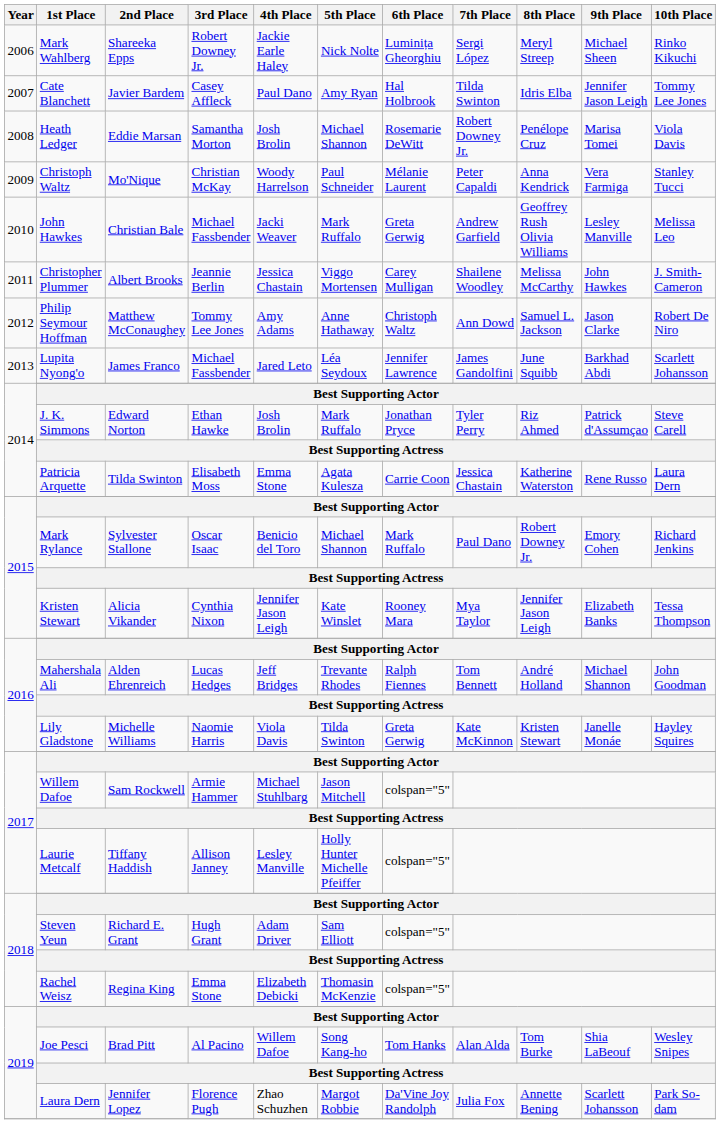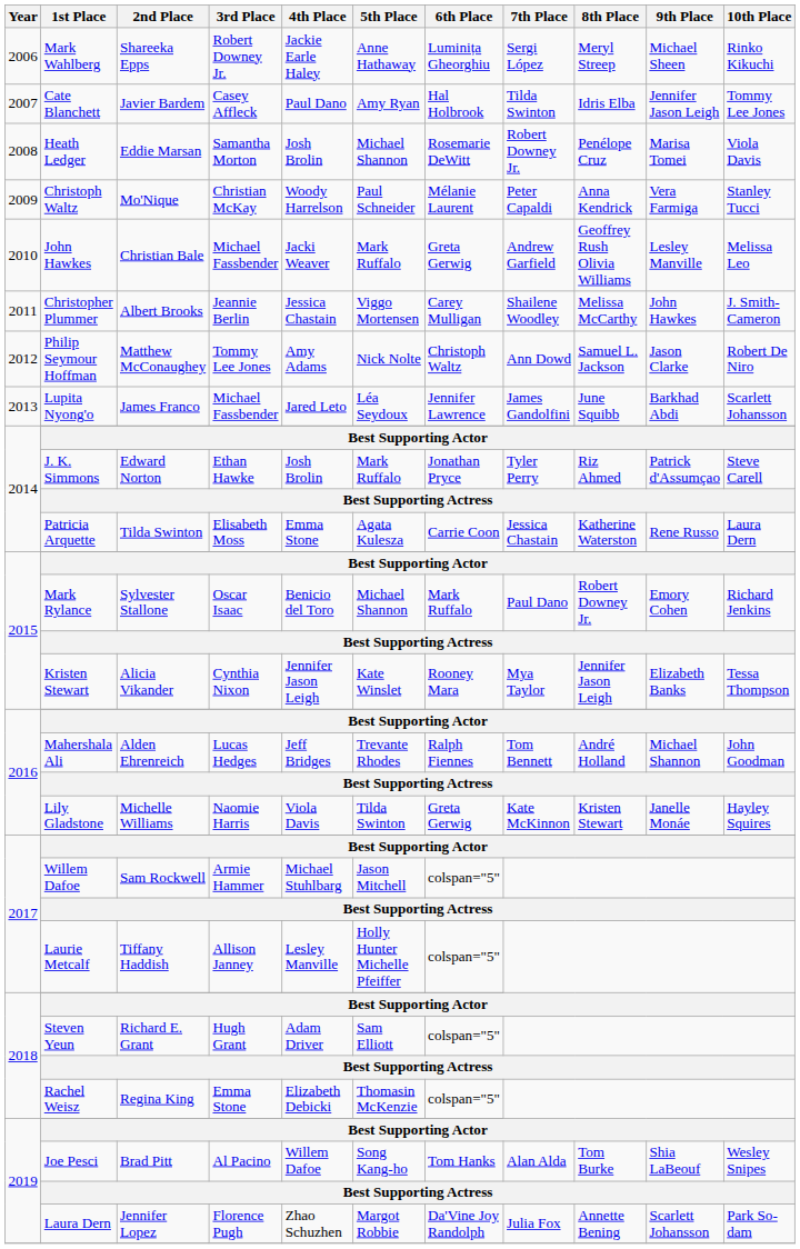 <table class="wikitable">
 <tr>
 <th scope="col" width="3%">Year</th>
 <th scope="col" width="9%">1st Place</th>
 <th scope="col" width="9%">2nd Place</th>
 <th scope="col" width="9%">3rd Place</th>
 <th scope="col" width="9%">4th Place</th>
 <th scope="col" width="9%">5th Place</th>
 <th scope="col" width="9%">6th Place</th>
 <th scope="col" width="9%">7th Place</th>
 <th scope="col" width="9%">8th Place</th>
 <th scope="col" width="9%">9th Place</th>
 <th scope="col" width="9%">10th Place</th>
 </tr>
 <tr>
 <td align="center">2006</td>
 <td><a href='#'>Mark Wahlberg</a><br></td>
 <td><a href='#'>Shareeka Epps</a><br></td>
 <td><a href='#'>Robert Downey Jr.</a><br></td>
 <td><a href='#'>Jackie Earle Haley</a><br></td>
-<td><a href='#'>Nick Nolte</a><br></td>
+<td><a href='#'>Anne Hathaway</a><br></td>
 <td><a href='#'>Luminița Gheorghiu</a><br></td>
 <td><a href='#'>Sergi López</a><br></td>
 <td><a href='#'>Meryl Streep</a><br></td>
 <td><a href='#'>Michael Sheen</a><br></td>
 <td><a href='#'>Rinko Kikuchi</a><br></td>
 </tr>
 <tr>
 <td align="center">2007</td>
 <td><a href='#'>Cate Blanchett</a><br></td>
 <td><a href='#'>Javier Bardem</a><br></td>
 <td><a href='#'>Casey Affleck</a><br></td>
 <td><a href='#'>Paul Dano</a><br></td>
 <td><a href='#'>Amy Ryan</a><br></td>
 <td><a href='#'>Hal Holbrook</a><br></td>
 <td><a href='#'>Tilda Swinton</a><br></td>
 <td><a href='#'>Idris Elba</a><br></td>
 <td><a href='#'>Jennifer Jason Leigh</a><br></td>
 <td><a href='#'>Tommy Lee Jones</a><br></td>
 </tr>
 <tr>
 <td align="center">2008</td>
 <td><a href='#'>Heath Ledger</a><br></td>
 <td><a href='#'>Eddie Marsan</a><br></td>
 <td><a href='#'>Samantha Morton</a><br></td>
 <td><a href='#'>Josh Brolin</a><br></td>
 <td><a href='#'>Michael Shannon</a><br></td>
 <td><a href='#'>Rosemarie DeWitt</a><br></td>
 <td><a href='#'>Robert Downey Jr.</a><br></td>
 <td><a href='#'>Penélope Cruz</a><br></td>
 <td><a href='#'>Marisa Tomei</a><br></td>
 <td><a href='#'>Viola Davis</a><br></td>
 </tr>
 <tr>
 <td align="center">2009</td>
 <td><a href='#'>Christoph Waltz</a><br></td>
 <td><a href='#'>Mo'Nique</a><br></td>
 <td><a href='#'>Christian McKay</a><br></td>
 <td><a href='#'>Woody Harrelson</a><br></td>
 <td><a href='#'>Paul Schneider</a><br></td>
 <td><a href='#'>Mélanie Laurent</a><br></td>
 <td><a href='#'>Peter Capaldi</a><br></td>
 <td><a href='#'>Anna Kendrick</a><br></td>
 <td><a href='#'>Vera Farmiga</a><br></td>
 <td><a href='#'>Stanley Tucci</a><br></td>
 </tr>
 <tr>
 <td align="center">2010</td>
 <td><a href='#'>John Hawkes</a><br></td>
 <td><a href='#'>Christian Bale</a><br></td>
 <td><a href='#'>Michael Fassbender</a><br></td>
 <td><a href='#'>Jacki Weaver</a><br></td>
 <td><a href='#'>Mark Ruffalo</a><br></td>
 <td><a href='#'>Greta Gerwig</a><br></td>
 <td><a href='#'>Andrew Garfield</a><br></td>
 <td><a href='#'>Geoffrey Rush</a> <br><a href='#'>Olivia Williams</a> </td>
 <td><a href='#'>Lesley Manville</a><br></td>
 <td><a href='#'>Melissa Leo</a><br></td>
 </tr>
 <tr>
 <td align="center">2011</td>
 <td><a href='#'>Christopher Plummer</a><br></td>
 <td><a href='#'>Albert Brooks</a><br></td>
 <td><a href='#'>Jeannie Berlin</a><br></td>
 <td><a href='#'>Jessica Chastain</a><br></td>
 <td><a href='#'>Viggo Mortensen</a><br></td>
 <td><a href='#'>Carey Mulligan</a><br></td>
 <td><a href='#'>Shailene Woodley</a><br></td>
 <td><a href='#'>Melissa McCarthy</a><br></td>
 <td><a href='#'>John Hawkes</a><br></td>
 <td><a href='#'>J. Smith-Cameron</a><br></td>
 </tr>
 <tr>
 <td align="center">2012</td>
 <td><a href='#'>Philip Seymour Hoffman</a><br></td>
 <td><a href='#'>Matthew McConaughey</a><br></td>
 <td><a href='#'>Tommy Lee Jones</a><br></td>
 <td><a href='#'>Amy Adams</a><br></td>
-<td><a href='#'>Anne Hathaway</a><br></td>
+<td><a href='#'>Nick Nolte</a><br></td>
 <td><a href='#'>Christoph Waltz</a><br></td>
 <td><a href='#'>Ann Dowd</a><br></td>
 <td><a href='#'>Samuel L. Jackson</a><br></td>
 <td><a href='#'>Jason Clarke</a><br></td>
 <td><a href='#'>Robert De Niro</a><br></td>
 </tr>
 <tr>
 <td align="center">2013</td>
 <td><a href='#'>Lupita Nyong'o</a><br></td>
 <td><a href='#'>James Franco</a><br></td>
 <td><a href='#'>Michael Fassbender</a><br></td>
 <td><a href='#'>Jared Leto</a><br></td>
 <td><a href='#'>Léa Seydoux</a><br></td>
 <td><a href='#'>Jennifer Lawrence</a><br></td>
 <td><a href='#'>James Gandolfini</a><br></td>
 <td><a href='#'>June Squibb</a><br></td>
 <td><a href='#'>Barkhad Abdi</a><br></td>
 <td><a href='#'>Scarlett Johansson</a><br></td>
 </tr>
 <tr>
 <td align="center" rowspan="5">2014</td>
 </tr>
 <tr>
 <th colspan="10" align="center">Best Supporting Actor</th>
 </tr>
 <tr>
 <td><a href='#'>J. K. Simmons</a><br></td>
 <td><a href='#'>Edward Norton</a><br></td>
 <td><a href='#'>Ethan Hawke</a><br></td>
 <td><a href='#'>Josh Brolin</a><br></td>
 <td><a href='#'>Mark Ruffalo</a><br></td>
 <td><a href='#'>Jonathan Pryce</a><br></td>
 <td><a href='#'>Tyler Perry</a><br></td>
 <td><a href='#'>Riz Ahmed</a><br></td>
 <td><a href='#'>Patrick d'Assumçao</a><br></td>
 <td><a href='#'>Steve Carell</a><br></td>
 </tr>
 <tr>
 <th colspan="10" align="center">Best Supporting Actress</th>
 </tr>
 <tr>
 <td><a href='#'>Patricia Arquette</a><br></td>
 <td><a href='#'>Tilda Swinton</a><br></td>
 <td><a href='#'>Elisabeth Moss</a><br></td>
 <td><a href='#'>Emma Stone</a><br></td>
 <td><a href='#'>Agata Kulesza</a><br></td>
 <td><a href='#'>Carrie Coon</a><br></td>
 <td><a href='#'>Jessica Chastain</a><br></td>
 <td><a href='#'>Katherine Waterston</a><br></td>
 <td><a href='#'>Rene Russo</a><br></td>
 <td><a href='#'>Laura Dern</a><br></td>
 </tr>
 <tr>
 <td align="center" rowspan="5"><a href='#'>2015</a></td>
 </tr>
 <tr>
 <th colspan="10" align="center">Best Supporting Actor</th>
 </tr>
 <tr>
 <td><a href='#'>Mark Rylance</a><br></td>
 <td><a href='#'>Sylvester Stallone</a><br></td>
 <td><a href='#'>Oscar Isaac</a><br></td>
 <td><a href='#'>Benicio del Toro</a><br></td>
 <td><a href='#'>Michael Shannon</a><br></td>
 <td><a href='#'>Mark Ruffalo</a><br></td>
 <td><a href='#'>Paul Dano</a><br></td>
 <td><a href='#'>Robert Downey Jr.</a><br></td>
 <td><a href='#'>Emory Cohen</a><br></td>
 <td><a href='#'>Richard Jenkins</a><br></td>
 </tr>
 <tr>
 <th colspan="10" align="center">Best Supporting Actress</th>
 </tr>
 <tr>
 <td><a href='#'>Kristen Stewart</a><br></td>
 <td><a href='#'>Alicia Vikander</a><br></td>
 <td><a href='#'>Cynthia Nixon</a><br></td>
 <td><a href='#'>Jennifer Jason Leigh</a><br></td>
 <td><a href='#'>Kate Winslet</a><br></td>
 <td><a href='#'>Rooney Mara</a><br></td>
 <td><a href='#'>Mya Taylor</a><br></td>
 <td><a href='#'>Jennifer Jason Leigh</a><br></td>
 <td><a href='#'>Elizabeth Banks</a><br></td>
 <td><a href='#'>Tessa Thompson</a><br></td>
 </tr>
 <tr>
 <td align="center" rowspan="5"><a href='#'>2016</a></td>
 </tr>
 <tr>
 <th colspan="10" align="center">Best Supporting Actor</th>
 </tr>
 <tr>
 <td><a href='#'>Mahershala Ali</a><br></td>
 <td><a href='#'>Alden Ehrenreich</a><br></td>
 <td><a href='#'>Lucas Hedges</a><br></td>
 <td><a href='#'>Jeff Bridges</a><br></td>
 <td><a href='#'>Trevante Rhodes</a><br></td>
 <td><a href='#'>Ralph Fiennes</a><br></td>
 <td><a href='#'>Tom Bennett</a><br></td>
 <td><a href='#'>André Holland</a><br></td>
 <td><a href='#'>Michael Shannon</a><br></td>
 <td><a href='#'>John Goodman</a><br></td>
 </tr>
 <tr>
 <th colspan="10" align="center">Best Supporting Actress</th>
 </tr>
 <tr>
 <td><a href='#'>Lily Gladstone</a><br></td>
 <td><a href='#'>Michelle Williams</a><br></td>
 <td><a href='#'>Naomie Harris</a><br></td>
 <td><a href='#'>Viola Davis</a><br></td>
 <td><a href='#'>Tilda Swinton</a><br></td>
 <td><a href='#'>Greta Gerwig</a><br></td>
 <td><a href='#'>Kate McKinnon</a><br></td>
 <td><a href='#'>Kristen Stewart</a><br></td>
 <td><a href='#'>Janelle Monáe</a><br></td>
 <td><a href='#'>Hayley Squires</a><br></td>
 </tr>
 <tr>
 <td align="center" rowspan="5"><a href='#'>2017</a></td>
 </tr>
 <tr>
 <th colspan="10" align="center">Best Supporting Actor</th>
 </tr>
 <tr>
 <td><a href='#'>Willem Dafoe</a><br></td>
 <td><a href='#'>Sam Rockwell</a><br></td>
 <td><a href='#'>Armie Hammer</a><br></td>
 <td><a href='#'>Michael Stuhlbarg</a><br></td>
 <td><a href='#'>Jason Mitchell</a><br></td>
 <td>colspan="5" </td>
 </tr>
 <tr>
 <th colspan="10" align="center">Best Supporting Actress</th>
 </tr>
 <tr>
 <td><a href='#'>Laurie Metcalf</a><br></td>
 <td><a href='#'>Tiffany Haddish</a><br></td>
 <td><a href='#'>Allison Janney</a><br></td>
 <td><a href='#'>Lesley Manville</a><br></td>
 <td><a href='#'>Holly Hunter</a> <br><a href='#'>Michelle Pfeiffer</a> </td>
 <td>colspan="5" </td>
 </tr>
 <tr>
 <td align="center" rowspan="5"><a href='#'>2018</a></td>
 </tr>
 <tr>
 <th colspan="10" align="center">Best Supporting Actor</th>
 </tr>
 <tr>
 <td><a href='#'>Steven Yeun</a><br></td>
 <td><a href='#'>Richard E. Grant</a><br></td>
 <td><a href='#'>Hugh Grant</a><br></td>
 <td><a href='#'>Adam Driver</a><br></td>
 <td><a href='#'>Sam Elliott</a><br></td>
 <td>colspan="5" </td>
 </tr>
 <tr>
 <th colspan="10" align="center">Best Supporting Actress</th>
 </tr>
 <tr>
 <td><a href='#'>Rachel Weisz</a><br></td>
 <td><a href='#'>Regina King</a><br></td>
 <td><a href='#'>Emma Stone</a><br></td>
 <td><a href='#'>Elizabeth Debicki</a><br></td>
 <td><a href='#'>Thomasin McKenzie</a><br></td>
 <td>colspan="5" </td>
 </tr>
 <tr>
 <td align="center" rowspan="5"><a href='#'>2019</a></td>
 </tr>
 <tr>
 <th colspan="10" align="center">Best Supporting Actor</th>
 </tr>
 <tr>
 <td><a href='#'>Joe Pesci</a><br></td>
 <td><a href='#'>Brad Pitt</a><br></td>
 <td><a href='#'>Al Pacino</a><br></td>
 <td><a href='#'>Willem Dafoe</a><br></td>
 <td><a href='#'>Song Kang-ho</a><br></td>
 <td><a href='#'>Tom Hanks</a><br></td>
 <td><a href='#'>Alan Alda</a><br></td>
 <td><a href='#'>Tom Burke</a><br></td>
 <td><a href='#'>Shia LaBeouf</a><br></td>
 <td><a href='#'>Wesley Snipes</a><br></td>
 </tr>
 <tr>
 <th colspan="10" align="center">Best Supporting Actress</th>
 </tr>
 <tr>
 <td><a href='#'>Laura Dern</a><br></td>
 <td><a href='#'>Jennifer Lopez</a><br></td>
 <td><a href='#'>Florence Pugh</a><br></td>
 <td>Zhao Schuzhen<br></td>
 <td><a href='#'>Margot Robbie</a><br></td>
 <td><a href='#'>Da'Vine Joy Randolph</a><br></td>
 <td><a href='#'>Julia Fox</a><br></td>
 <td><a href='#'>Annette Bening</a><br></td>
 <td><a href='#'>Scarlett Johansson</a><br></td>
 <td><a href='#'>Park So-dam</a><br></td>
 </tr>
 <tr>
 </tr>
 </table>
